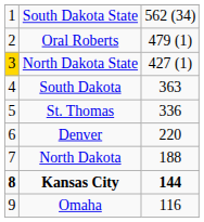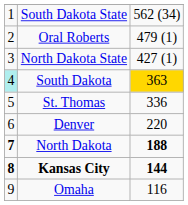 <table class="wikitable" border="1">
 <tr align=center>
 </tr>
 <tr align="center">
 <td>1</td>
 <td><a href='#'>South Dakota State</a></td>
 <td>562 (34)</td>
 </tr>
 <tr align="center">
 <td>2</td>
 <td><a href='#'>Oral Roberts</a></td>
 <td>479 (1)</td>
 </tr>
 <tr align="center">
-<td style="background: gold;">3</td>
+<td>3</td>
 <td><a href='#'>North Dakota State</a></td>
 <td>427 (1)</td>
 </tr>
 <tr align="center">
-<td>4</td>
+<td style="background: paleturquoise;">4</td>
 <td><a href='#'>South Dakota</a></td>
-<td>363</td>
+<td style="background: gold;">363</td>
 </tr>
 <tr align="center">
 <td>5</td>
 <td><a href='#'>St. Thomas</a></td>
 <td>336</td>
 </tr>
 <tr align="center">
 <td>6</td>
 <td><a href='#'>Denver</a></td>
 <td>220</td>
 </tr>
 <tr align="center">
-<td>7</td>
+<td><strong>7</strong></td>
 <td><a href='#'>North Dakota</a></td>
-<td>188</td>
+<td><strong>188</strong></td>
 </tr>
 <tr align="center">
 <td><strong>8</strong></td>
 <td><strong>Kansas City</strong></td>
 <td><strong>144</strong></td>
 </tr>
 <tr align="center">
 <td>9</td>
 <td><a href='#'>Omaha</a></td>
 <td>116</td>
 </tr>
 </table>
